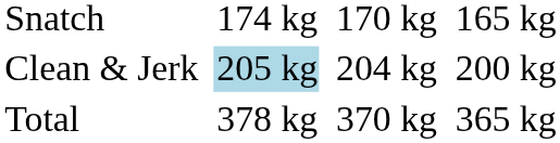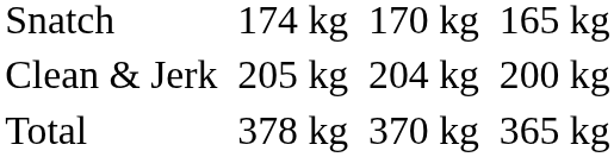 <table>
 <tr>
 <td>Snatch</td>
 <td></td>
 <td>174 kg</td>
 <td></td>
 <td>170 kg</td>
 <td></td>
 <td>165 kg</td>
 </tr>
 <tr>
 <td>Clean & Jerk</td>
 <td></td>
-<td style="background: lightblue;">205 kg</td>
+<td>205 kg</td>
 <td></td>
 <td>204 kg</td>
 <td></td>
 <td>200 kg</td>
 </tr>
 <tr>
 <td>Total</td>
 <td></td>
 <td>378 kg</td>
 <td></td>
 <td>370 kg</td>
 <td></td>
 <td>365 kg</td>
 </tr>
 </table>
